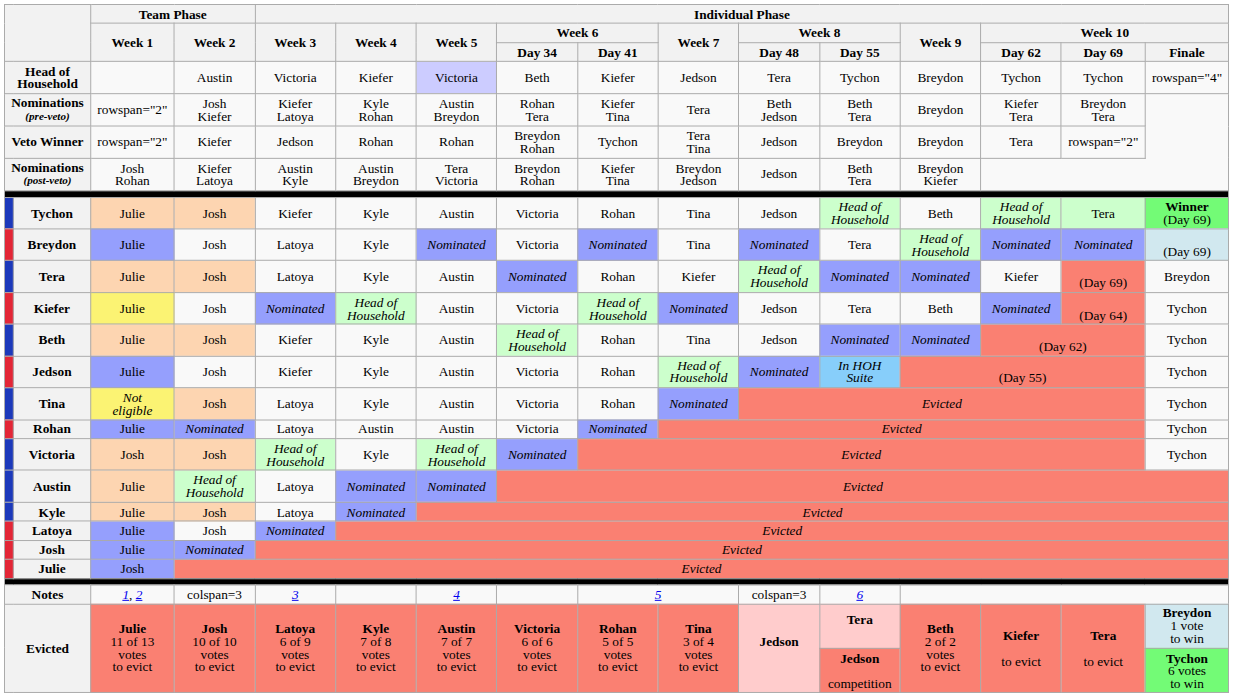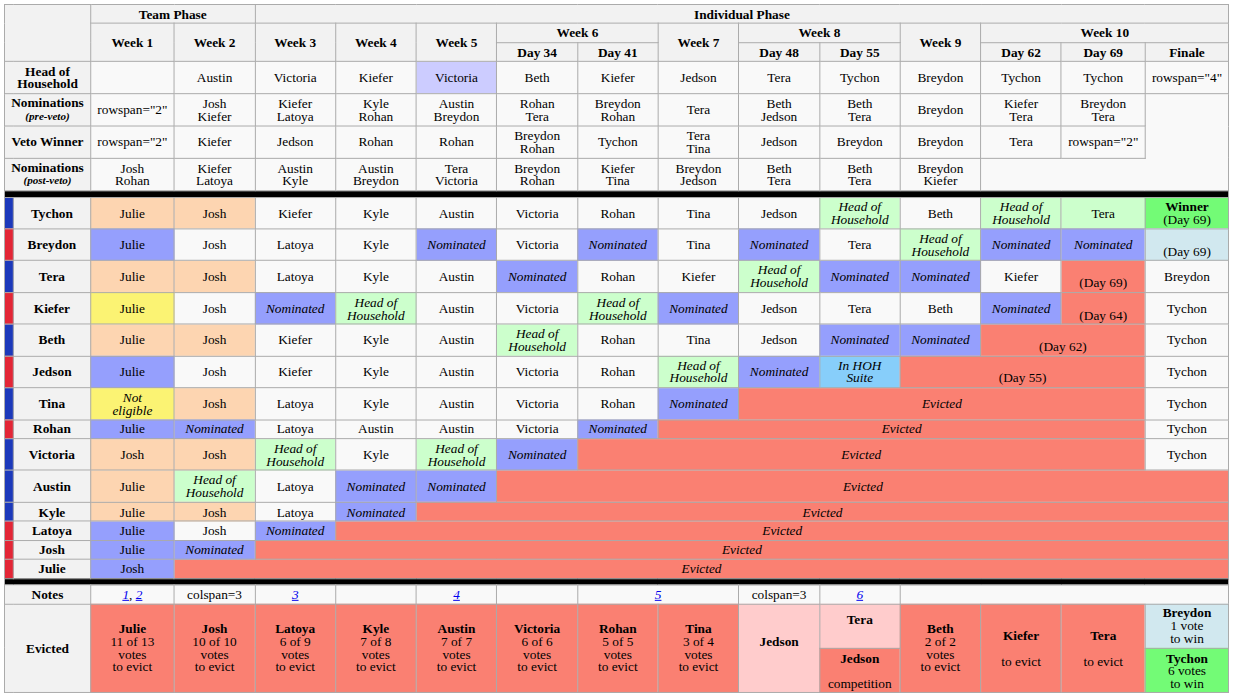 <table class="wikitable" style="text-align:center; line-height:13px; font-size:85%">
 <tr>
 <th rowspan="3" colspan="2" style="width:6%"></th>
 <th colspan="2">Team Phase</th>
 <th colspan="12">Individual Phase</th>
 </tr>
 <tr>
 <th rowspan="2" style="width:6%;">Week 1</th>
 <th rowspan="2" style="width:6%;">Week 2</th>
 <th rowspan="2" style="width:6%;">Week 3</th>
 <th rowspan="2" style="width:6%;">Week 4</th>
 <th rowspan="2" style="width:6%;">Week 5</th>
 <th colspan="2" style="width:6%;">Week 6</th>
 <th rowspan="2" style="width:6%;">Week 7</th>
 <th colspan="2" style="width:6%;">Week 8</th>
 <th rowspan="2" style="width:6%;">Week 9</th>
 <th colspan="3" style="width:6%;">Week 10</th>
 </tr>
 <tr>
 <th style="width:6%;">Day 34</th>
 <th style="width:6%;">Day 41</th>
 <th style="width:6%;">Day 48</th>
 <th style="width:6%;">Day 55</th>
 <th style="width:6%;">Day 62</th>
 <th style="width:6%;">Day 69</th>
 <th style="width:6%;">Finale</th>
 </tr>
 <tr>
 <th colspan="2">Head of<br>Household</th>
 <td></td>
 <td>Austin</td>
 <td>Victoria</td>
 <td>Kiefer</td>
 <td style="background:#ccf">Victoria</td>
 <td>Beth</td>
 <td>Kiefer</td>
 <td>Jedson</td>
 <td>Tera</td>
 <td>Tychon</td>
 <td>Breydon</td>
 <td>Tychon</td>
 <td>Tychon</td>
 <td>rowspan="4" </td>
 </tr>
 <tr>
 <th colspan="2">Nominations<br><small><em>(pre-veto)</em></small></th>
 <td>rowspan="2" </td>
 <td>Josh<br>Kiefer</td>
 <td>Kiefer<br>Latoya</td>
 <td>Kyle<br>Rohan</td>
 <td>Austin<br>Breydon</td>
 <td>Rohan<br>Tera</td>
-<td>Kiefer<br>Tina</td>
+<td>Breydon<br>Rohan</td>
 <td>Tera</td>
 <td>Beth<br>Jedson</td>
 <td>Beth<br>Tera</td>
 <td>Breydon</td>
 <td>Kiefer<br>Tera</td>
 <td>Breydon<br>Tera</td>
 </tr>
 <tr>
 <th colspan="2">Veto Winner</th>
 <td>rowspan="2" </td>
 <td>Kiefer</td>
 <td>Jedson</td>
 <td>Rohan</td>
 <td>Rohan</td>
 <td>Breydon<br>Rohan</td>
 <td>Tychon</td>
 <td>Tera<br>Tina</td>
 <td>Jedson</td>
 <td>Breydon</td>
 <td>Breydon</td>
 <td>Tera</td>
 <td>rowspan="2" </td>
 </tr>
 <tr>
 <th colspan="2">Nominations<br><small><em>(post-veto)</em></small></th>
 <td>Josh<br>Rohan</td>
 <td>Kiefer<br>Latoya</td>
 <td>Austin<br>Kyle</td>
 <td>Austin<br>Breydon</td>
 <td>Tera<br>Victoria</td>
 <td>Breydon<br>Rohan</td>
 <td>Kiefer<br>Tina</td>
 <td>Breydon<br>Jedson</td>
-<td>Jedson</td>
+<td>Beth<br>Tera</td>
 <td>Beth<br>Tera</td>
 <td>Breydon<br>Kiefer</td>
 </tr>
 <tr>
 <th colspan="16" style="background:black;"></th>
 </tr>
 <tr>
 <th style="background:#1C39BB"></th>
 <th>Tychon</th>
 <td style="background:#FDD5B1;">Julie</td>
 <td style="background:#FDD5B1;">Josh</td>
 <td>Kiefer</td>
 <td>Kyle</td>
 <td>Austin</td>
 <td>Victoria</td>
 <td>Rohan</td>
 <td>Tina</td>
 <td>Jedson</td>
 <td style="background:#cfc"><em>Head of<br>Household</em></td>
 <td>Beth</td>
 <td style="background:#cfc"><em>Head of<br>Household</em></td>
 <td style="background:#cfc">Tera</td>
 <td style="background:#73fb76;"><strong>Winner</strong><br>(Day 69)</td>
 </tr>
 <tr>
 <th style="background:#E32636"></th>
 <th>Breydon</th>
 <td style="background:#959ffd">Julie</td>
 <td>Josh</td>
 <td>Latoya</td>
 <td>Kyle</td>
 <td style="background:#959ffd"><em>Nominated</em></td>
 <td>Victoria</td>
 <td style="background:#959ffd"><em>Nominated</em></td>
 <td>Tina</td>
 <td style="background:#959ffd"><em>Nominated</em></td>
 <td>Tera</td>
 <td style="background:#cfc"><em>Head of<br>Household</em></td>
 <td style="background:#959ffd"><em>Nominated</em></td>
 <td style="background:#959ffd"><em>Nominated</em></td>
 <td style="background:#d1e8ef;"><br>(Day 69)</td>
 </tr>
 <tr>
 <th style="background:#1C39BB"></th>
 <th>Tera</th>
 <td style="background:#FDD5B1;">Julie</td>
 <td style="background:#FDD5B1;">Josh</td>
 <td>Latoya</td>
 <td>Kyle</td>
 <td>Austin</td>
 <td style="background:#959ffd"><em>Nominated</em></td>
 <td>Rohan</td>
 <td>Kiefer</td>
 <td style="background:#cfc"><em>Head of<br>Household</em></td>
 <td style="background:#959ffd"><em>Nominated</em></td>
 <td style="background:#959ffd"><em>Nominated</em></td>
 <td>Kiefer</td>
 <td style="background:salmon" colspan="1”"><em></em><br>(Day 69)</td>
 <td>Breydon</td>
 </tr>
 <tr>
 <th style="background:#E32636"></th>
 <th>Kiefer</th>
 <td style="background:#FBF373;">Julie</td>
 <td>Josh</td>
 <td style="background:#959ffd"><em>Nominated</em></td>
 <td style="background:#cfc"><em>Head of<br>Household</em></td>
 <td>Austin</td>
 <td>Victoria</td>
 <td style="background:#cfc"><em>Head of<br>Household</em></td>
 <td style="background:#959ffd"><em>Nominated</em></td>
 <td>Jedson</td>
 <td>Tera</td>
 <td>Beth</td>
 <td style="background:#959ffd"><em>Nominated</em></td>
 <td style="background:salmon" colspan="1”"><em></em><br>(Day 64)</td>
 <td>Tychon</td>
 </tr>
 <tr>
 <th style="background:#1C39BB"></th>
 <th>Beth</th>
 <td style="background:#FDD5B1;">Julie</td>
 <td style="background:#FDD5B1;">Josh</td>
 <td>Kiefer</td>
 <td>Kyle</td>
 <td>Austin</td>
 <td style="background:#cfc"><em>Head of<br>Household</em></td>
 <td>Rohan</td>
 <td>Tina</td>
 <td>Jedson</td>
 <td style="background:#959ffd"><em>Nominated</em></td>
 <td style="background:#959ffd"><em>Nominated</em></td>
 <td style="background:salmon" colspan="2”"><em></em><br>(Day 62)</td>
 <td>Tychon</td>
 </tr>
 <tr>
 <th style="background:#E32636"></th>
 <th>Jedson</th>
 <td style="background:#959ffd">Julie</td>
 <td>Josh</td>
 <td>Kiefer</td>
 <td>Kyle</td>
 <td>Austin</td>
 <td>Victoria</td>
 <td>Rohan</td>
 <td style="background:#cfc"><em>Head of<br>Household</em></td>
 <td style="background:#959ffd"><em>Nominated</em></td>
 <td style="background:#87CEFA"><em>In HOH<br> Suite</em></td>
 <td style="background:salmon" colspan="3”"><em></em><br>(Day 55)</td>
 <td>Tychon</td>
 </tr>
 <tr>
 <th style="background:#1C39BB"></th>
 <th>Tina</th>
 <td style="background:#FBF373;"><em>Not<br>eligible</em></td>
 <td style="background:#FDD5B1;">Josh</td>
 <td>Latoya</td>
 <td>Kyle</td>
 <td>Austin</td>
 <td>Victoria</td>
 <td>Rohan</td>
 <td style="background:#959ffd"><em>Nominated</em></td>
 <td style="background:salmon" colspan="5"><em>Evicted</em><br></td>
 <td>Tychon</td>
 </tr>
 <tr>
 <th style="background:#E32636"></th>
 <th>Rohan</th>
 <td style="background:#959ffd">Julie</td>
 <td style="background:#959ffd"><em>Nominated</em></td>
 <td>Latoya</td>
 <td>Austin</td>
 <td>Austin</td>
 <td>Victoria</td>
 <td style="background:#959ffd"><em>Nominated</em></td>
 <td style="background:salmon" colspan="6"><em>Evicted</em><br></td>
 <td>Tychon</td>
 </tr>
 <tr>
 <th style="background:#1C39BB"></th>
 <th>Victoria</th>
 <td style="background:#FDD5B1;">Josh</td>
 <td style="background:#FDD5B1;">Josh</td>
 <td style="background:#cfc"><em>Head of<br>Household</em></td>
 <td>Kyle</td>
 <td style="background:#cfc"><em>Head of<br>Household</em></td>
 <td style="background:#959ffd"><em>Nominated</em></td>
 <td style="background:salmon" colspan="7"><em>Evicted</em><br></td>
 <td>Tychon</td>
 </tr>
 <tr>
 <th style="background:#1C39BB"></th>
 <th>Austin</th>
 <td style="background:#FDD5B1;">Julie</td>
 <td style="background:#cfc"><em>Head of<br>Household</em></td>
 <td>Latoya</td>
 <td style="background:#959ffd"><em>Nominated</em></td>
 <td style="background:#959ffd"><em>Nominated</em></td>
 <td style="background:salmon" colspan="9"><em>Evicted</em><br></td>
 </tr>
 <tr>
 <th style="background:#1C39BB"></th>
 <th>Kyle</th>
 <td style="background:#FDD5B1;">Julie</td>
 <td style="background:#FDD5B1;">Josh</td>
 <td>Latoya</td>
 <td style="background:#959ffd"><em>Nominated</em></td>
 <td style="background:salmon" colspan="10"><em>Evicted</em><br></td>
 </tr>
 <tr>
 <th style="background:#E32636"></th>
 <th>Latoya</th>
 <td style="background:#959ffd">Julie</td>
 <td>Josh</td>
 <td style="background:#959ffd"><em>Nominated</em></td>
 <td style="background:salmon" colspan="11"><em>Evicted</em><br></td>
 </tr>
 <tr>
 <th style="background:#E32636"></th>
 <th>Josh</th>
 <td style="background:#959ffd">Julie</td>
 <td style="background:#959ffd"><em>Nominated</em></td>
 <td style="background:salmon" colspan="12"><em>Evicted</em><br></td>
 </tr>
 <tr>
 <th style="background:#E32636"></th>
 <th>Julie</th>
 <td style="background:#959ffd">Josh</td>
 <td style="background:salmon" colspan="13"><em>Evicted</em><br></td>
 </tr>
 <tr>
 <th colspan="16" style="background:black;"></th>
 </tr>
 <tr>
 <th colspan="2">Notes</th>
 <td><em><a href='#'>1</a></em>, <em><a href='#'>2</a></em></td>
 <td>colspan=3 </td>
 <td><em><a href='#'>3</a></em></td>
 <td></td>
 <td><em><a href='#'>4</a></em></td>
 <td></td>
 <td colspan=2><em><a href='#'>5</a></em></td>
 <td>colspan=3 </td>
 <td><em><a href='#'>6</a></em></td>
 </tr>
 <tr>
 <th rowspan="3" colspan="2">Evicted</th>
 <td rowspan="3" style="background:#FA8072;"><strong>Julie</strong><br>11 of 13<br>votes<br>to evict</td>
 <td rowspan="3" style="background:#FA8072;"><strong>Josh</strong><br>10 of 10<br>votes<br>to evict</td>
 <td rowspan="3" style="background:#FA8072;"><strong>Latoya</strong><br>6 of 9<br>votes<br>to evict</td>
 <td rowspan="3" style="background:#FA8072;"><strong>Kyle</strong><br>7 of 8<br>votes<br>to evict</td>
 <td rowspan="3" style="background:#FA8072;"><strong>Austin</strong><br>7 of 7 <br>votes<br>to evict</td>
 <td rowspan="3" style="background:#FA8072;"><strong>Victoria</strong><br>6 of 6<br>votes<br>to evict</td>
 <td rowspan="3" style="background:#FA8072;"><strong>Rohan</strong><br>5 of 5<br>votes<br>to evict</td>
 <td rowspan="3" style="background:#FA8072;"><strong>Tina</strong><br>3 of 4<br>votes<br>to evict</td>
 <td rowspan="3" style="background:#fcc"><strong>Jedson</strong><br><br></td>
 <td style="background:#fcc"><strong>Tera</strong><br><br></td>
 <td rowspan="3" style="background:#FA8072"><strong>Beth</strong><br>2 of 2<br>votes<br>to evict</td>
 <td rowspan="3" style="background:#FA8072;"><strong>Kiefer</strong><br><br>to evict</td>
 <td rowspan="3" style="background:#FA8072;"><strong>Tera</strong><br><br>to evict</td>
 <td style="background:#d1e8ef;"><strong>Breydon</strong><br>1 vote<br>to win</td>
 </tr>
 <tr>
 <td rowspan="2" style="background:#FA8072;"><strong>Jedson</strong><br><br>competition</td>
 <td rowspan="2" style="background:#73fb76;"><strong>Tychon</strong><br>6 votes<br>to win</td>
 </tr>
 </table>
